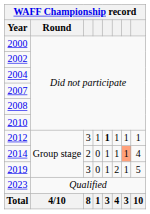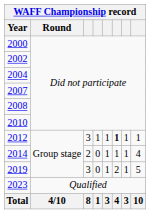 <table class="wikitable" style="text-align: center;">
 <tr>
 <th colspan=9><a href='#'>WAFF Championship</a> record</th>
 </tr>
 <tr>
 <th>Year</th>
 <th>Round</th>
 <th></th>
 <th></th>
 <th></th>
 <th></th>
 <th></th>
 <th></th>
 </tr>
 <tr>
 <td> <a href='#'>2000</a></td>
 <td rowspan=6 colspan=8><em>Did not participate</em></td>
 </tr>
 <tr>
 <td> <a href='#'>2002</a></td>
 </tr>
 <tr>
 <td> <a href='#'>2004</a></td>
 </tr>
 <tr>
 <td> <a href='#'>2007</a></td>
 </tr>
 <tr>
 <td> <a href='#'>2008</a></td>
 </tr>
 <tr>
 <td> <a href='#'>2010</a></td>
 </tr>
 <tr>
 <td> <a href='#'>2012</a></td>
 <td rowspan=3>Group stage</td>
 <td>3</td>
 <td>1</td>
+<td>1</td>
 <td><strong>1</strong></td>
-<td>1</td>
 <td>1</td>
 <td>1</td>
 </tr>
 <tr>
 <td> <a href='#'>2014</a></td>
 <td>2</td>
 <td>0</td>
 <td>1</td>
 <td>1</td>
-<td style="background: lightsalmon;">1</td>
+<td>1</td>
 <td>4</td>
 </tr>
 <tr>
 <td> <a href='#'>2019</a></td>
 <td>3</td>
 <td>0</td>
 <td>1</td>
 <td>2</td>
 <td>1</td>
 <td>5</td>
 </tr>
 <tr>
 <td> <a href='#'>2023</a></td>
 <td colspan=7><em>Qualified</em></td>
 </tr>
 <tr>
 <th>Total</th>
 <th>4/10</th>
 <th>8</th>
 <th>1</th>
 <th>3</th>
 <th>4</th>
 <th>3</th>
 <th>10</th>
 </tr>
 </table>
